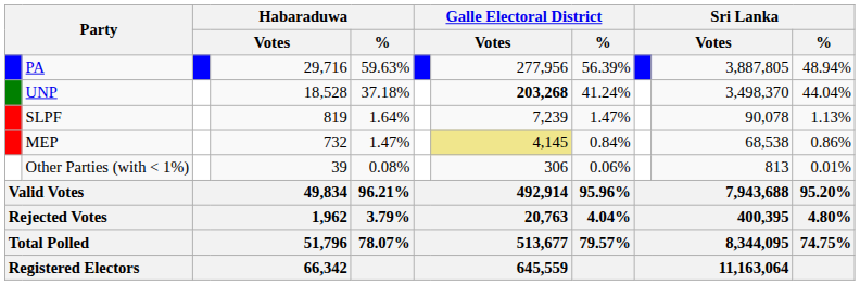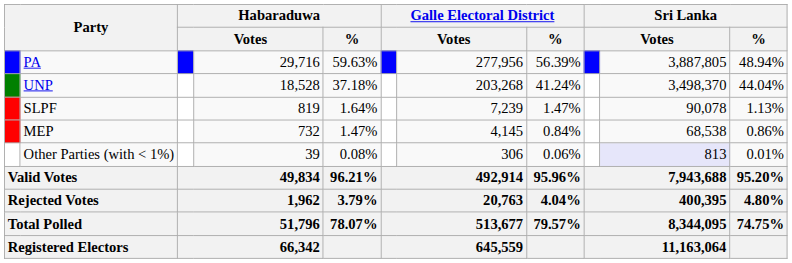 <table class="wikitable">
 <tr>
 <th colspan="2" width="144px"rowspan="2">Party</th>
 <th colspan="3" width="216px">Habaraduwa</th>
 <th colspan="3" width="216px"><a href='#'>Galle Electoral District</a></th>
 <th colspan="3" width="216px">Sri Lanka</th>
 </tr>
 <tr>
 <th colspan="2" width="144px">Votes</th>
 <th>%</th>
 <th colspan="2" width="144px">Votes</th>
 <th>%</th>
 <th colspan="2" width="144px">Votes</th>
 <th>%</th>
 </tr>
 <tr>
 <td style="background-color:blue;" width="10px"></td>
 <td style="text-align:left;"><a href='#'>PA</a></td>
 <td style="background-color:blue;" width="10px"></td>
 <td style="text-align:right;">29,716</td>
 <td style="text-align:right;">59.63%</td>
 <td style="background-color:blue;" width="10px"></td>
 <td style="text-align:right;">277,956</td>
 <td style="text-align:right;">56.39%</td>
 <td style="background-color:blue;" width="10px"></td>
 <td style="text-align:right;">3,887,805</td>
 <td style="text-align:right;">48.94%</td>
 </tr>
 <tr>
 <td style="background-color:green;" width="10px"></td>
 <td style="text-align:left;"><a href='#'>UNP</a></td>
 <td style="background-color:white;" width="10px"></td>
 <td style="text-align:right;">18,528</td>
 <td style="text-align:right;">37.18%</td>
 <td style="background-color:white;" width="10px"></td>
-<td style="text-align:right;"><strong>203,268</strong></td>
+<td style="text-align:right;">203,268</td>
 <td style="text-align:right;">41.24%</td>
 <td style="background-color:white;" width="10px"></td>
 <td style="text-align:right;">3,498,370</td>
 <td style="text-align:right;">44.04%</td>
 </tr>
 <tr>
 <td style="background-color:red;" width="10px"></td>
 <td style="text-align:left;">SLPF</td>
 <td style="background-color:white;" width="10px"></td>
 <td style="text-align:right;">819</td>
 <td style="text-align:right;">1.64%</td>
 <td style="background-color:white;" width="10px"></td>
 <td style="text-align:right;">7,239</td>
 <td style="text-align:right;">1.47%</td>
 <td style="background-color:white;" width="10px"></td>
 <td style="text-align:right;">90,078</td>
 <td style="text-align:right;">1.13%</td>
 </tr>
 <tr>
 <td style="background-color:red;" width="10px"></td>
 <td style="text-align:left;">MEP</td>
 <td style="background-color:white;" width="10px"></td>
 <td style="text-align:right;">732</td>
 <td style="text-align:right;">1.47%</td>
 <td style="background-color:white;" width="10px"></td>
-<td style="background: khaki; text-align:right;">4,145</td>
+<td style="text-align:right;">4,145</td>
 <td style="text-align:right;">0.84%</td>
 <td style="background-color:white;" width="10px"></td>
 <td style="text-align:right;">68,538</td>
 <td style="text-align:right;">0.86%</td>
 </tr>
 <tr>
 <td style="background-color:white;" width="10px"></td>
 <td style="text-align:left;">Other Parties (with < 1%)</td>
 <td style="background-color:white;" width="10px"></td>
 <td style="text-align:right;">39</td>
 <td style="text-align:right;">0.08%</td>
 <td style="background-color:white;" width="10px"></td>
 <td style="text-align:right;">306</td>
 <td style="text-align:right;">0.06%</td>
 <td style="background-color:white;" width="10px"></td>
-<td style="text-align:right;">813</td>
+<td style="background: lavender; text-align:right;">813</td>
 <td style="text-align:right;">0.01%</td>
 </tr>
 <tr>
 <th colspan="2" width="144px"style="text-align:left;">Valid Votes</th>
 <th style="text-align:right;"colspan="2" width="144px">49,834</th>
 <th style="text-align:right;">96.21%</th>
 <th style="text-align:right;"colspan="2" width="144px">492,914</th>
 <th style="text-align:right;">95.96%</th>
 <th style="text-align:right;"colspan="2" width="144px">7,943,688</th>
 <th style="text-align:right;">95.20%</th>
 </tr>
 <tr>
 <th colspan="2" width="144px"style="text-align:left;">Rejected Votes</th>
 <th style="text-align:right;"colspan="2" width="144px">1,962</th>
 <th style="text-align:right;">3.79%</th>
 <th style="text-align:right;"colspan="2" width="144px">20,763</th>
 <th style="text-align:right;">4.04%</th>
 <th style="text-align:right;"colspan="2" width="144px">400,395</th>
 <th style="text-align:right;">4.80%</th>
 </tr>
 <tr>
 <th colspan="2" width="144px"style="text-align:left;">Total Polled</th>
 <th style="text-align:right;"colspan="2" width="144px">51,796</th>
 <th style="text-align:right;">78.07%</th>
 <th style="text-align:right;"colspan="2" width="144px">513,677</th>
 <th style="text-align:right;">79.57%</th>
 <th style="text-align:right;"colspan="2" width="144px">8,344,095</th>
 <th style="text-align:right;">74.75%</th>
 </tr>
 <tr>
 <th colspan="2" width="144px"style="text-align:left;">Registered Electors</th>
 <th style="text-align:right;"colspan="2" width="144px">66,342</th>
 <th></th>
 <th style="text-align:right;"colspan="2" width="144px">645,559</th>
 <th></th>
 <th style="text-align:right;"colspan="2" width="144px">11,163,064</th>
 <th></th>
 </tr>
 </table>
